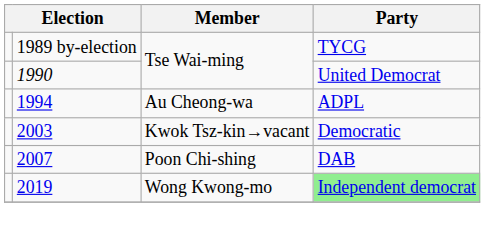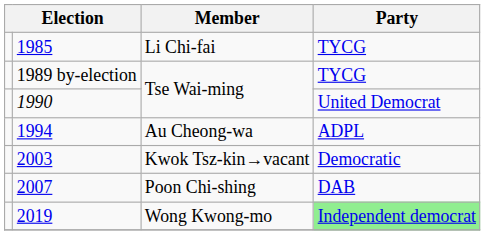 <table class="wikitable">
 <tr>
 <th colspan="2">Election</th>
 <th>Member</th>
 <th>Party</th>
+</tr>
+<tr>
+<td style="color:inherit;background-color: "></td>
+<td><a href='#'>1985</a></td>
+<td>Li Chi-fai</td>
+<td><a href='#'>TYCG</a></td>
 </tr>
 <tr>
 <td style="color:inherit;background-color: "></td>
 <td>1989 by-election</td>
 <td rowspan=2>Tse Wai-ming</td>
 <td><a href='#'>TYCG</a></td>
 </tr>
 <tr>
 <td style="color:inherit;background-color: "></td>
 <td><em>1990</em></td>
 <td><a href='#'>United Democrat</a></td>
 </tr>
 <tr>
 <td style="color:inherit;background-color: "></td>
 <td><a href='#'>1994</a></td>
 <td>Au Cheong-wa</td>
 <td><a href='#'>ADPL</a></td>
 </tr>
 <tr>
 <td style="color:inherit;background-color: "></td>
 <td><a href='#'>2003</a></td>
 <td>Kwok Tsz-kin→vacant</td>
 <td><a href='#'>Democratic</a></td>
 </tr>
 <tr>
 <td style="color:inherit;background-color: "></td>
 <td><a href='#'>2007</a></td>
 <td>Poon Chi-shing</td>
 <td><a href='#'>DAB</a></td>
 </tr>
 <tr>
 <td style="color:inherit;background:"></td>
 <td><a href='#'>2019</a></td>
 <td>Wong Kwong-mo</td>
 <td style="background: lightgreen;"><a href='#'>Independent democrat</a></td>
 </tr>
 <tr>
 </tr>
 </table>
